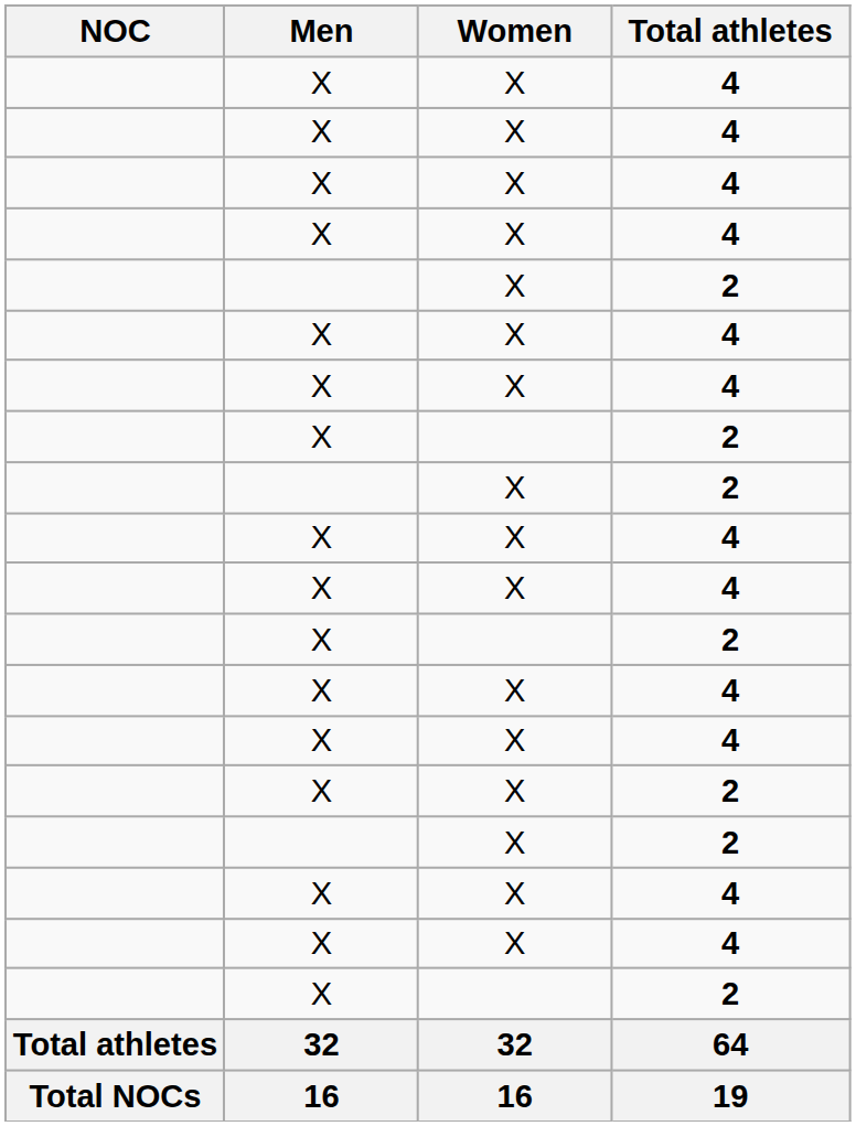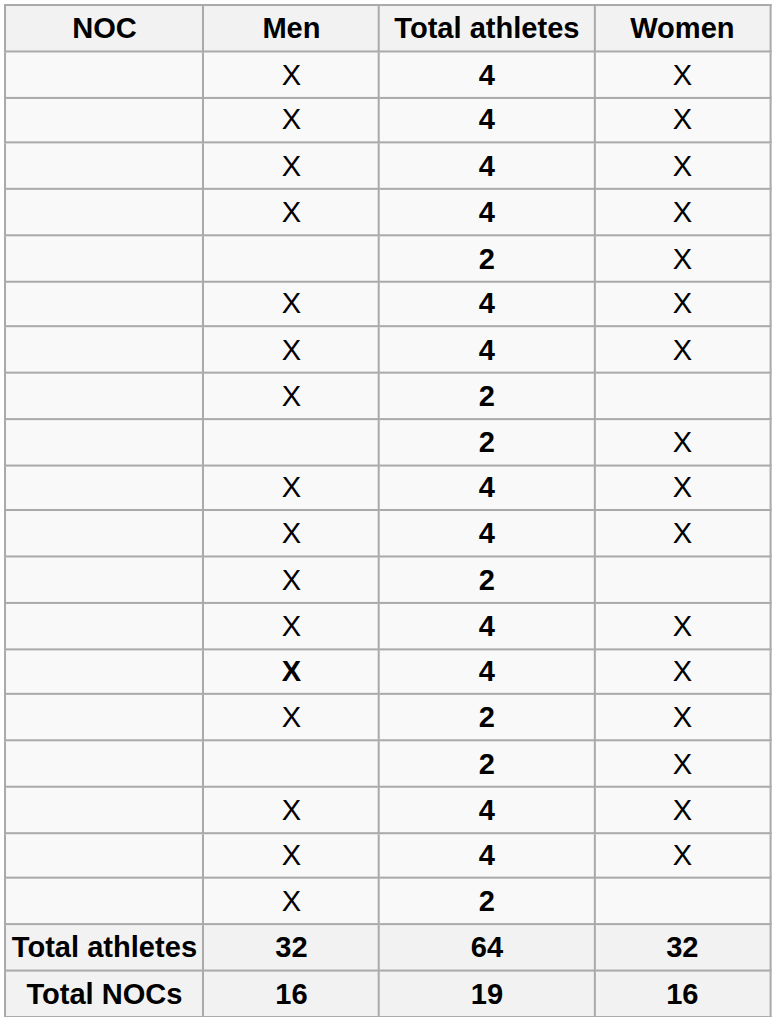 <table class="wikitable mw-collapsible sortable" style="text-align:center; font-size:90%;">
 <tr>
 <th>NOC</th>
 <th width=80>Men</th>
+<th width=100>Total athletes</th>
 <th width=80>Women</th>
-<th width=100>Total athletes</th>
 </tr>
 <tr>
 <td style="text-align:left;"></td>
 <td>X</td>
+<td><strong>4</strong></td>
 <td>X</td>
-<td><strong>4</strong></td>
 </tr>
 <tr>
 <td style="text-align:left;"></td>
 <td>X</td>
+<td><strong>4</strong></td>
 <td>X</td>
-<td><strong>4</strong></td>
 </tr>
 <tr>
 <td style="text-align:left;"></td>
 <td>X</td>
+<td><strong>4</strong></td>
 <td>X</td>
-<td><strong>4</strong></td>
 </tr>
 <tr>
 <td style="text-align:left;"></td>
 <td>X</td>
+<td><strong>4</strong></td>
 <td>X</td>
-<td><strong>4</strong></td>
 </tr>
 <tr>
 <td style="text-align:left;"></td>
 <td></td>
+<td><strong>2</strong></td>
 <td>X</td>
-<td><strong>2</strong></td>
 </tr>
 <tr>
 <td style="text-align:left;"></td>
 <td>X</td>
+<td><strong>4</strong></td>
 <td>X</td>
-<td><strong>4</strong></td>
 </tr>
 <tr>
 <td style="text-align:left;"></td>
 <td>X</td>
+<td><strong>4</strong></td>
 <td>X</td>
-<td><strong>4</strong></td>
 </tr>
 <tr>
 <td style="text-align:left;"></td>
 <td>X</td>
+<td><strong>2</strong></td>
 <td></td>
-<td><strong>2</strong></td>
 </tr>
 <tr>
 <td style="text-align:left;"></td>
 <td></td>
+<td><strong>2</strong></td>
 <td>X</td>
-<td><strong>2</strong></td>
 </tr>
 <tr>
 <td style="text-align:left;"></td>
 <td>X</td>
+<td><strong>4</strong></td>
 <td>X</td>
-<td><strong>4</strong></td>
 </tr>
 <tr>
 <td style="text-align:left;"></td>
 <td>X</td>
+<td><strong>4</strong></td>
 <td>X</td>
-<td><strong>4</strong></td>
 </tr>
 <tr>
 <td style="text-align:left;"></td>
 <td>X</td>
+<td><strong>2</strong></td>
 <td></td>
-<td><strong>2</strong></td>
 </tr>
 <tr>
 <td style="text-align:left;"></td>
 <td>X</td>
+<td><strong>4</strong></td>
 <td>X</td>
+</tr>
+<tr>
+<td style="text-align:left;"></td>
+<td><strong>X</strong></td>
 <td><strong>4</strong></td>
+<td>X</td>
 </tr>
 <tr>
 <td style="text-align:left;"></td>
 <td>X</td>
+<td><strong>2</strong></td>
 <td>X</td>
-<td><strong>4</strong></td>
+</tr>
+<tr>
+<td style="text-align:left;"></td>
+<td></td>
+<td><strong>2</strong></td>
+<td>X</td>
 </tr>
 <tr>
 <td style="text-align:left;"></td>
 <td>X</td>
+<td><strong>4</strong></td>
 <td>X</td>
-<td><strong>2</strong></td>
-</tr>
-<tr>
-<td style="text-align:left;"></td>
-<td></td>
-<td>X</td>
-<td><strong>2</strong></td>
 </tr>
 <tr>
 <td style="text-align:left;"></td>
 <td>X</td>
+<td><strong>4</strong></td>
 <td>X</td>
-<td><strong>4</strong></td>
 </tr>
 <tr>
 <td style="text-align:left;"></td>
 <td>X</td>
-<td>X</td>
-<td><strong>4</strong></td>
-</tr>
-<tr>
-<td style="text-align:left;"></td>
-<td>X</td>
+<td><strong>2</strong></td>
 <td></td>
-<td><strong>2</strong></td>
 </tr>
 <tr class="sortbottom">
 <th>Total athletes</th>
 <th>32</th>
+<th>64</th>
 <th>32</th>
-<th>64</th>
 </tr>
 <tr class="sortbottom">
 <th>Total NOCs</th>
 <th>16</th>
+<th>19</th>
 <th>16</th>
-<th>19</th>
 </tr>
 </table>
